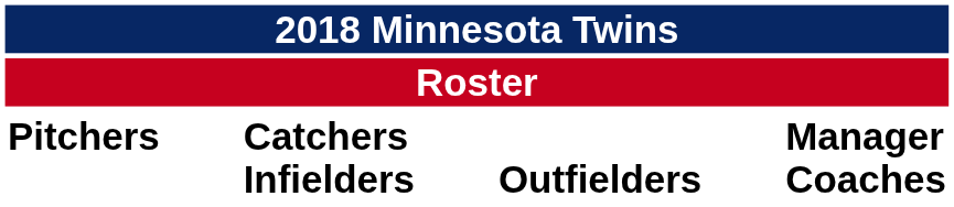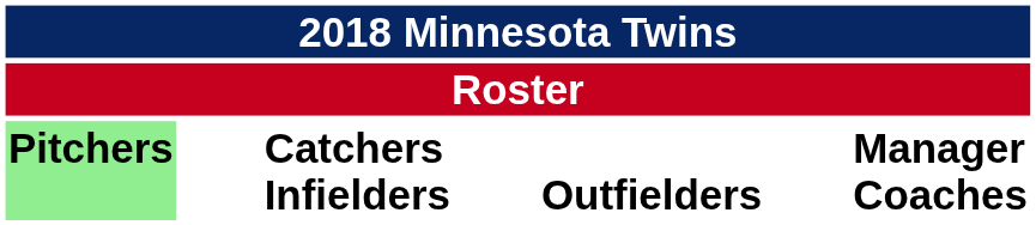 <table class="toccolours" style="font-size: 95%;">
 <tr>
 <th colspan="10" style="background:#072764; color:#fff; text-align:center;">2018 Minnesota Twins</th>
 </tr>
 <tr>
 <td colspan="10" style="background:#c6011f; color:white; text-align:center;"><strong>Roster</strong></td>
 </tr>
 <tr>
-<td valign="top"><strong>Pitchers</strong><br>                             </td>
+<td valign="top" style="background: lightgreen;"><strong>Pitchers</strong><br>                             </td>
 <td style="width:25px;"></td>
 <td valign="top"><strong>Catchers</strong><br>      <strong>Infielders</strong>          </td>
 <td style="width:25px;"></td>
 <td valign="top"><br><strong>Outfielders</strong>        </td>
 <td style="width:25px;"></td>
 <td valign="top"><strong>Manager</strong><br> <strong>Coaches</strong>                    </td>
 </tr>
 </table>
